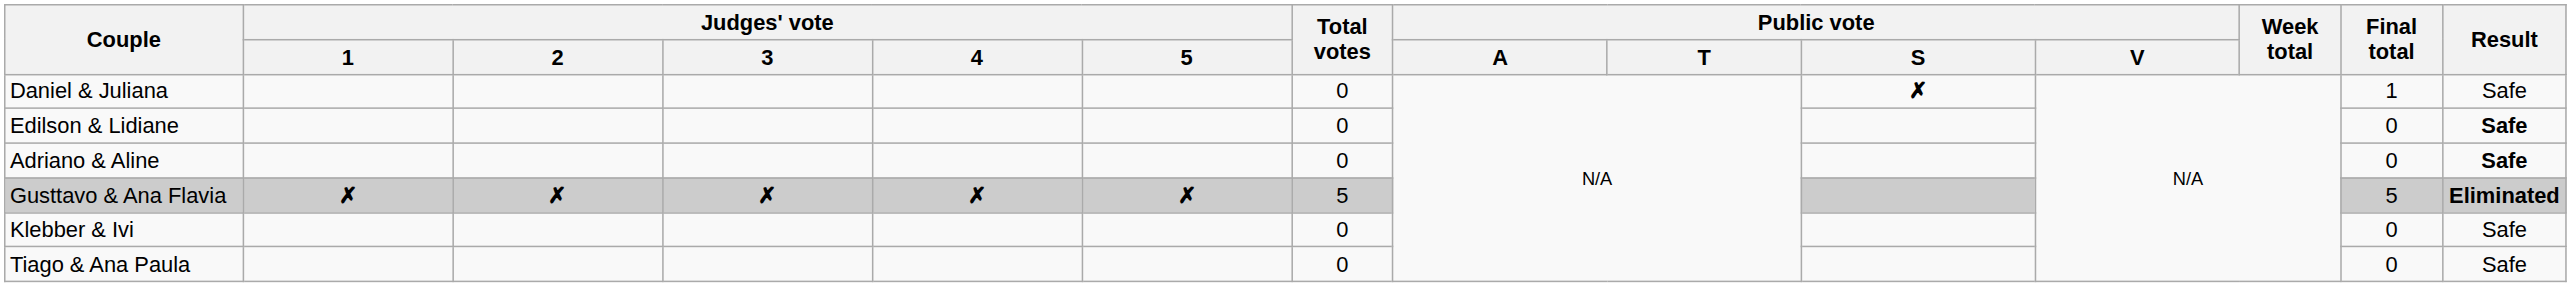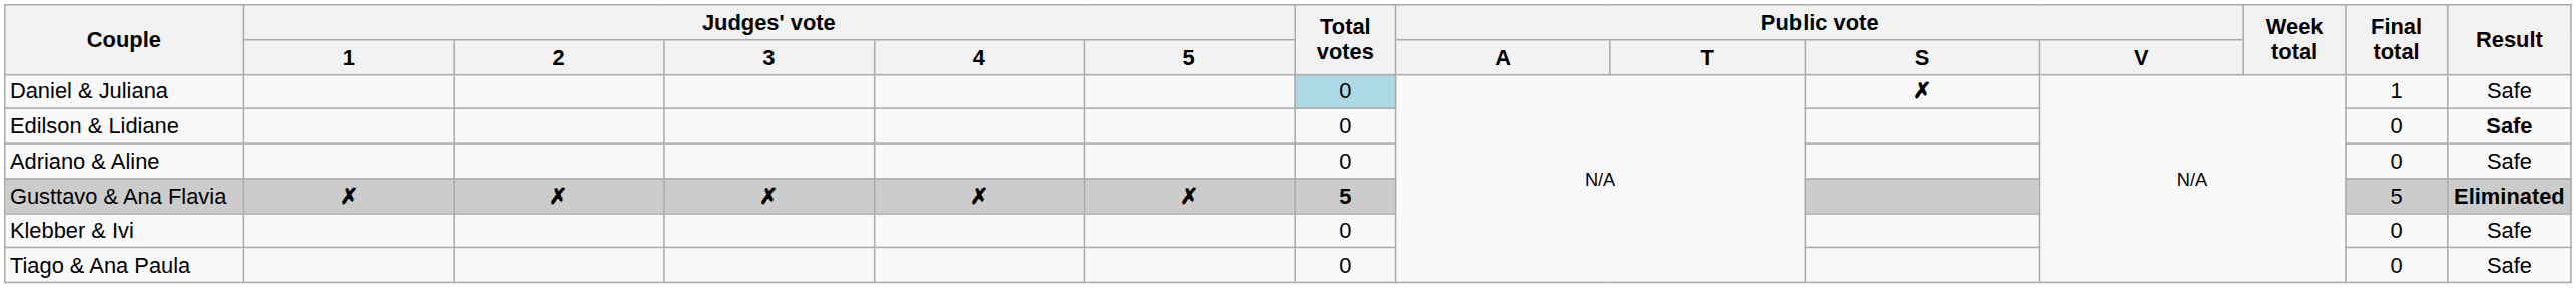 <table class="wikitable" style="font-size:90%; line-height:16px; text-align:center" width="85%">
 <tr>
 <th rowspan=2 width=150>Couple</th>
 <th colspan=5 width=185>Judges' vote</th>
 <th rowspan=2 width=060>Total votes</th>
 <th colspan=4 width=148>Public vote</th>
 <th rowspan=2 width=060>Week total</th>
 <th rowspan=2 width=060>Final total</th>
 <th rowspan=2 width=075>Result</th>
 </tr>
 <tr>
 <th>1</th>
 <th>2</th>
 <th>3</th>
 <th>4</th>
 <th>5</th>
 <th>A</th>
 <th>T</th>
 <th>S</th>
 <th>V</th>
 </tr>
 <tr>
 <td align="left">Daniel & Juliana</td>
 <td></td>
 <td></td>
 <td></td>
 <td></td>
 <td></td>
-<td>0</td>
+<td style="background: lightblue;">0</td>
 <td rowspan=6 colspan=2><small>N/A</small></td>
 <td><strong>✗</strong></td>
 <td rowspan=6 colspan=2><small>N/A</small></td>
 <td>1</td>
 <td>Safe</td>
 </tr>
 <tr>
 <td align="left">Edilson & Lidiane</td>
 <td></td>
 <td></td>
 <td></td>
 <td></td>
 <td></td>
 <td>0</td>
 <td></td>
 <td>0</td>
 <td><strong>Safe</strong></td>
 </tr>
 <tr>
 <td align="left">Adriano & Aline</td>
 <td></td>
 <td></td>
 <td></td>
 <td></td>
 <td></td>
 <td>0</td>
 <td></td>
 <td>0</td>
-<td><strong>Safe</strong></td>
+<td>Safe</td>
 </tr>
 <tr bgcolor="CCCCCC">
 <td align="left">Gusttavo & Ana Flavia</td>
 <td><strong>✗</strong></td>
 <td><strong>✗</strong></td>
 <td><strong>✗</strong></td>
 <td><strong>✗</strong></td>
 <td><strong>✗</strong></td>
-<td>5</td>
+<td><strong>5</strong></td>
 <td></td>
 <td>5</td>
 <td><strong>Eliminated</strong></td>
 </tr>
 <tr>
 <td align="left">Klebber & Ivi</td>
 <td></td>
 <td></td>
 <td></td>
 <td></td>
 <td></td>
 <td>0</td>
 <td></td>
 <td>0</td>
 <td>Safe</td>
 </tr>
 <tr>
 <td align="left">Tiago & Ana Paula</td>
 <td></td>
 <td></td>
 <td></td>
 <td></td>
 <td></td>
 <td>0</td>
 <td></td>
 <td>0</td>
 <td>Safe</td>
 </tr>
 </table>
